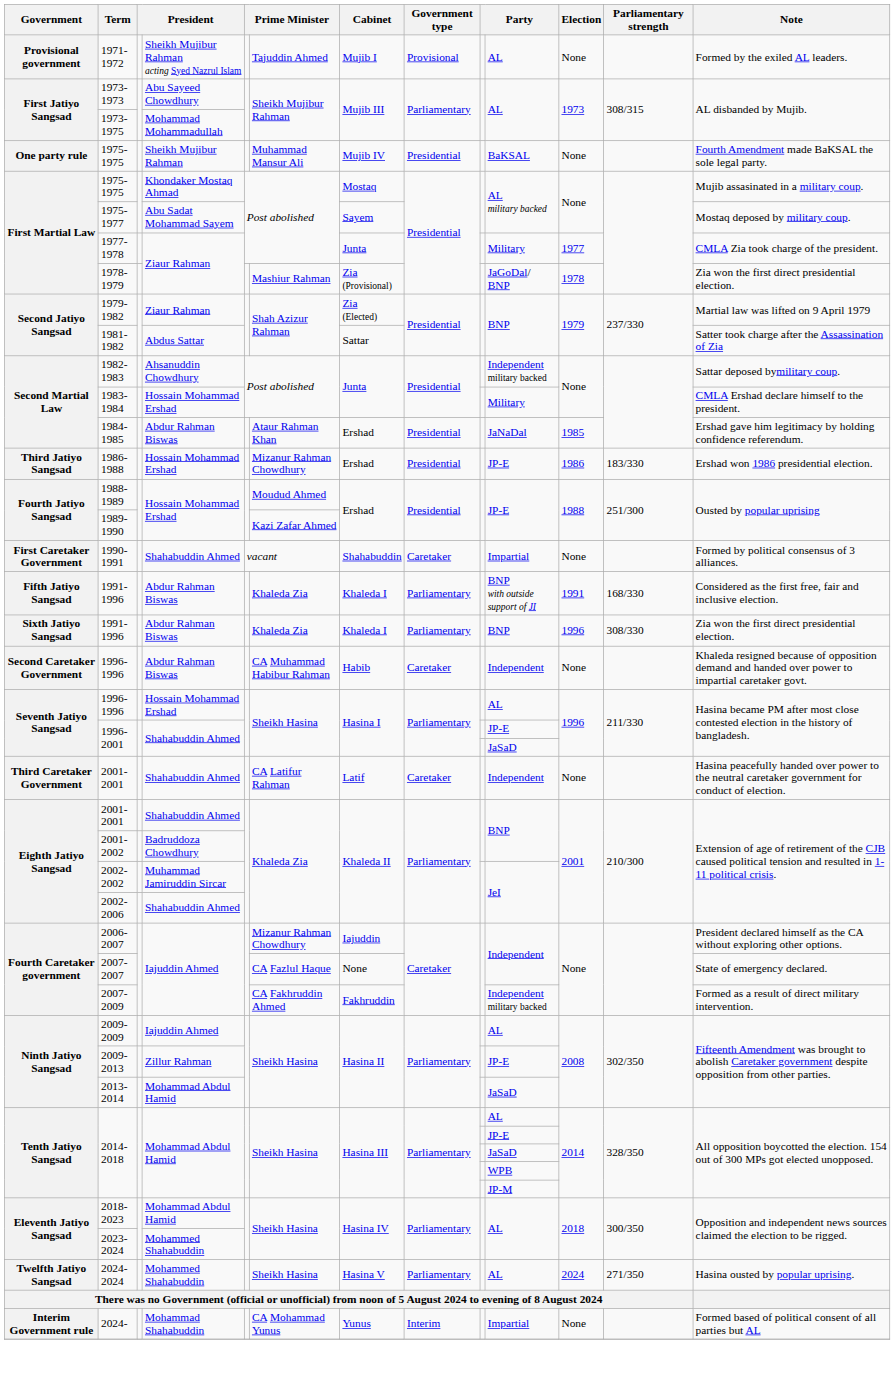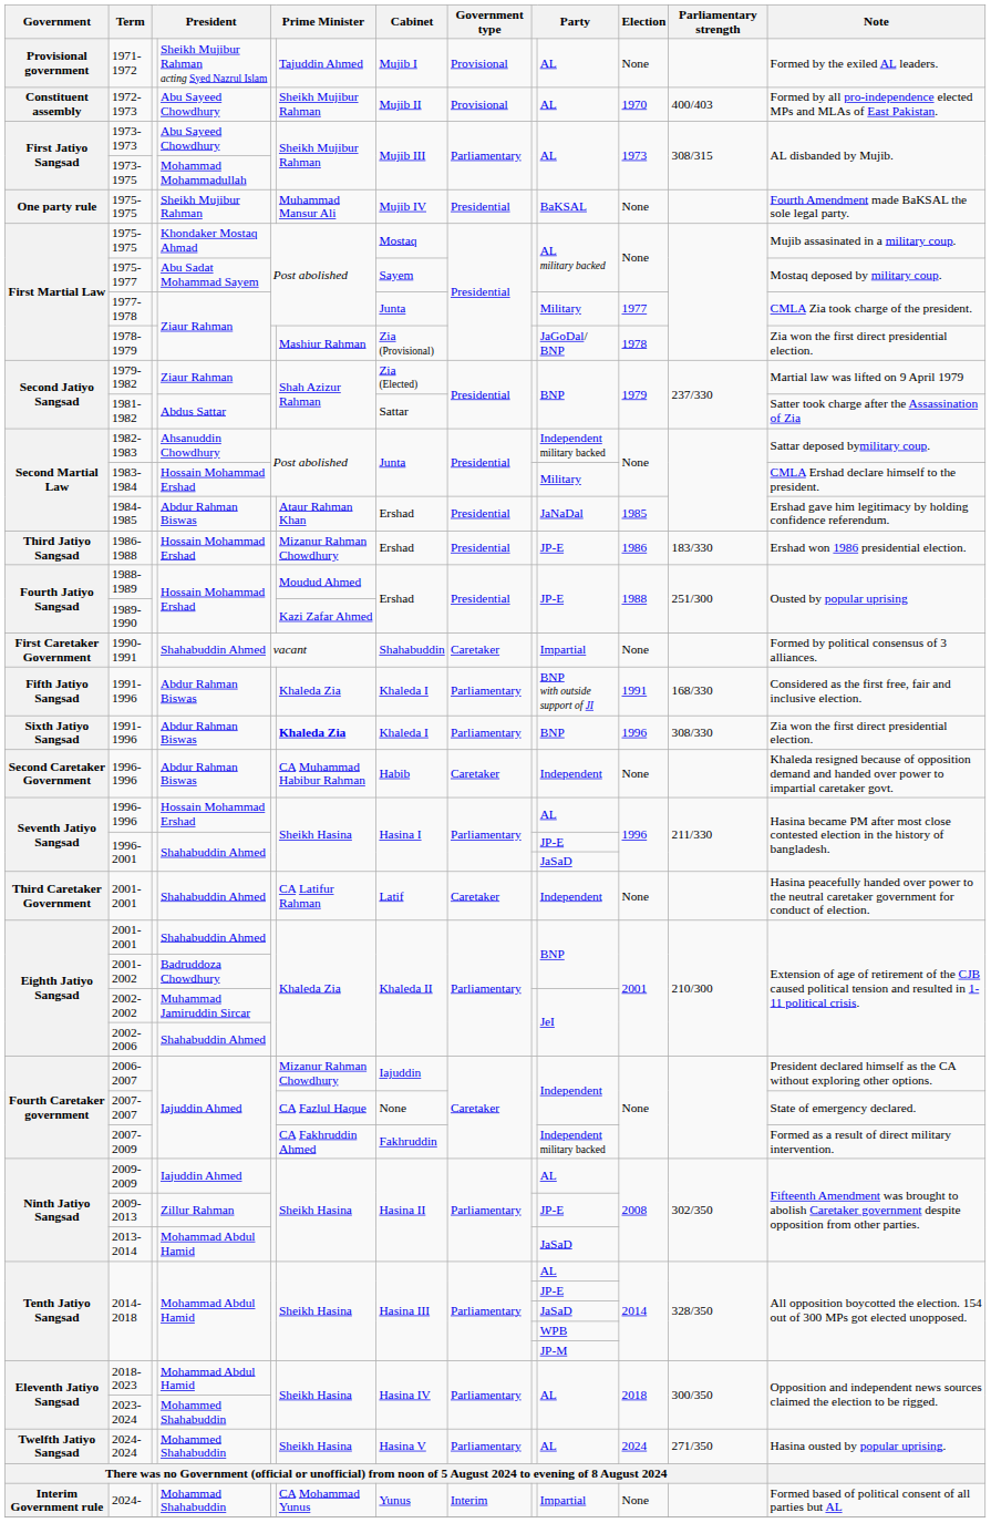 <table class="wikitable sortable">
 <tr>
 <th>Government</th>
 <th>Term</th>
 <th colspan=2>President</th>
 <th colspan=2>Prime Minister</th>
 <th>Cabinet</th>
 <th>Government type</th>
 <th colspan=2>Party</th>
 <th>Election</th>
 <th>Parliamentary strength</th>
 <th>Note</th>
 </tr>
 <tr>
 <th>Provisional government</th>
 <td>1971-1972</td>
 <td style="background-color: "></td>
 <td><a href='#'>Sheikh Mujibur Rahman</a><br><small><i>acting</i> <a href='#'>Syed Nazrul Islam</a></small></td>
 <td style="background-color: "></td>
 <td><a href='#'>Tajuddin Ahmed</a></td>
 <td><a href='#'>Mujib I</a></td>
 <td><a href='#'>Provisional</a></td>
 <td style="background-color: "></td>
 <td><a href='#'>AL</a></td>
 <td>None</td>
 <td></td>
 <td>Formed by the exiled <a href='#'>AL</a> leaders.</td>
+</tr>
+<tr>
+<th>Constituent assembly</th>
+<td>1972-1973</td>
+<td style="background-color: "></td>
+<td><a href='#'>Abu Sayeed Chowdhury</a></td>
+<td style="background-color: "></td>
+<td><a href='#'>Sheikh Mujibur Rahman</a></td>
+<td><a href='#'>Mujib II</a></td>
+<td><a href='#'>Provisional</a></td>
+<td style="background-color: "></td>
+<td><a href='#'>AL</a></td>
+<td><a href='#'>1970</a></td>
+<td>400/403</td>
+<td>Formed by all <a href='#'>pro-independence</a> elected MPs and MLAs of <a href='#'>East Pakistan</a>.</td>
 </tr>
 <tr>
 <th rowspan=2>First Jatiyo Sangsad</th>
 <td>1973-1973</td>
 <td rowspan=2 style="background-color: "></td>
 <td><a href='#'>Abu Sayeed Chowdhury</a></td>
 <td rowspan=2 style="background-color: "></td>
 <td rowspan=2><a href='#'>Sheikh Mujibur Rahman</a></td>
 <td rowspan=2><a href='#'>Mujib III</a></td>
 <td rowspan=2><a href='#'>Parliamentary</a></td>
 <td rowspan=2 style="background-color: "></td>
 <td rowspan=2><a href='#'>AL</a></td>
 <td rowspan=2><a href='#'>1973</a></td>
 <td rowspan=2>308/315</td>
 <td rowspan="2">AL disbanded by Mujib.</td>
 </tr>
 <tr>
 <td>1973-1975</td>
 <td><a href='#'>Mohammad Mohammadullah</a></td>
 </tr>
 <tr>
 <th>One party rule</th>
 <td>1975-1975</td>
 <td style="background-color: "></td>
 <td><a href='#'>Sheikh Mujibur Rahman</a></td>
 <td style="background-color: "></td>
 <td><a href='#'>Muhammad Mansur Ali</a></td>
 <td><a href='#'>Mujib IV</a></td>
 <td><a href='#'>Presidential</a></td>
 <td style="background-color: "></td>
 <td><a href='#'>BaKSAL</a></td>
 <td>None</td>
 <td></td>
 <td><a href='#'>Fourth Amendment</a> made BaKSAL the sole legal party.</td>
 </tr>
 <tr>
 <th rowspan="4">First Martial Law</th>
 <td>1975-1975</td>
 <td rowspan=2 style="background-color: "></td>
 <td><a href='#'>Khondaker Mostaq Ahmad</a></td>
 <td rowspan=3 colspan=2><i>Post abolished</i></td>
 <td><a href='#'>Mostaq</a></td>
 <td rowspan=4><a href='#'>Presidential</a></td>
 <td rowspan=2 style="background-color: "></td>
 <td rowspan=2><a href='#'>AL</a> <br><i><small>military backed</small></i></td>
 <td rowspan="2">None</td>
 <td rowspan="4"></td>
 <td>Mujib assasinated in a <a href='#'>military coup</a>.</td>
 </tr>
 <tr>
 <td>1975-1977</td>
 <td><a href='#'>Abu Sadat Mohammad Sayem</a></td>
 <td><a href='#'>Sayem</a></td>
 <td>Mostaq deposed by <a href='#'>military coup</a>.</td>
 </tr>
 <tr>
 <td>1977-1978</td>
 <td style="background-color: "></td>
 <td rowspan="2"><a href='#'>Ziaur Rahman</a></td>
 <td><a href='#'>Junta</a></td>
 <td style="background-color: "></td>
 <td><a href='#'>Military</a></td>
 <td><a href='#'>1977</a></td>
 <td><a href='#'>CMLA</a> Zia took charge of the president.</td>
 </tr>
 <tr>
 <td>1978-1979</td>
 <td style="background-color: "></td>
 <td style="background-color: "></td>
 <td><a href='#'>Mashiur Rahman</a></td>
 <td><a href='#'>Zia</a> <br><small>(Provisional)</small></td>
 <td style="background-color: "></td>
 <td><a href='#'>JaGoDal</a>/<br><a href='#'>BNP</a></td>
 <td><a href='#'>1978</a></td>
 <td>Zia won the first direct presidential election.</td>
 </tr>
 <tr>
 <th rowspan="2">Second Jatiyo Sangsad</th>
 <td>1979-1982</td>
 <td rowspan="2" style="background-color: "></td>
 <td><a href='#'>Ziaur Rahman</a></td>
 <td rowspan="2" style="background-color: "></td>
 <td rowspan="2"><a href='#'>Shah Azizur Rahman</a></td>
 <td><a href='#'>Zia</a><br><small>(Elected)</small></td>
 <td rowspan="2"><a href='#'>Presidential</a></td>
 <td rowspan="2" style="background-color: "></td>
 <td rowspan="2"><a href='#'>BNP</a></td>
 <td rowspan="2"><a href='#'>1979</a></td>
 <td rowspan="2">237/330</td>
 <td>Martial law was lifted on 9 April 1979</td>
 </tr>
 <tr>
 <td>1981-1982</td>
 <td><a href='#'>Abdus Sattar</a></td>
 <td>Sattar</td>
 <td>Satter took charge after the <a href='#'>Assassination of Zia</a></td>
 </tr>
 <tr>
 <th rowspan="3">Second Martial Law</th>
 <td>1982-1983</td>
 <td style="background-color: "></td>
 <td><a href='#'>Ahsanuddin Chowdhury</a></td>
 <td rowspan=2 colspan=2><i>Post abolished</i></td>
 <td rowspan=2><a href='#'>Junta</a></td>
 <td rowspan=2><a href='#'>Presidential</a></td>
 <td style="background-color: "></td>
 <td><a href='#'>Independent</a><br><small>military backed</small></td>
 <td rowspan=2>None</td>
 <td rowspan="3"></td>
 <td>Sattar deposed by<a href='#'>military coup</a>.</td>
 </tr>
 <tr>
 <td>1983-1984</td>
 <td style="background-color: "></td>
 <td><a href='#'>Hossain Mohammad Ershad</a></td>
 <td style="background-color: "></td>
 <td><a href='#'>Military</a></td>
 <td><a href='#'>CMLA</a> Ershad declare himself to the president.</td>
 </tr>
 <tr>
 <td>1984-1985</td>
 <td style="background-color: "></td>
 <td><a href='#'>Abdur Rahman Biswas</a></td>
 <td style="background-color: "></td>
 <td><a href='#'>Ataur Rahman Khan</a></td>
 <td>Ershad</td>
 <td><a href='#'>Presidential</a></td>
 <td style="background-color: "></td>
 <td><a href='#'>JaNaDal</a></td>
 <td><a href='#'>1985</a></td>
 <td>Ershad gave him legitimacy by holding confidence referendum.</td>
 </tr>
 <tr>
 <th>Third  Jatiyo Sangsad</th>
 <td>1986-1988</td>
 <td style="background-color: "></td>
 <td><a href='#'>Hossain Mohammad Ershad</a></td>
 <td style="background-color: "></td>
 <td><a href='#'>Mizanur Rahman Chowdhury</a></td>
 <td>Ershad</td>
 <td><a href='#'>Presidential</a></td>
 <td style="background-color: "></td>
 <td><a href='#'>JP-E</a></td>
 <td><a href='#'>1986</a></td>
 <td>183/330</td>
 <td>Ershad won <a href='#'>1986</a> presidential election.</td>
 </tr>
 <tr>
 <th rowspan="2">Fourth Jatiyo Sangsad</th>
 <td>1988-1989</td>
 <td rowspan="2" style="background-color: "></td>
 <td rowspan="2"><a href='#'>Hossain Mohammad Ershad</a></td>
 <td rowspan="2" style="background-color: "></td>
 <td><a href='#'>Moudud Ahmed</a></td>
 <td rowspan="2">Ershad</td>
 <td rowspan="2"><a href='#'>Presidential</a></td>
 <td rowspan="2" style="background-color: "></td>
 <td rowspan="2"><a href='#'>JP-E</a></td>
 <td rowspan="2"><a href='#'>1988</a></td>
 <td rowspan="2">251/300</td>
 <td rowspan="2">Ousted by <a href='#'>popular uprising</a></td>
 </tr>
 <tr>
 <td>1989-1990</td>
 <td><a href='#'>Kazi Zafar Ahmed</a></td>
 </tr>
 <tr>
 <th>First Caretaker Government</th>
 <td>1990-1991</td>
 <td style="background-color: "></td>
 <td><a href='#'>Shahabuddin Ahmed</a></td>
 <td colspan=2><i>vacant</i></td>
 <td><a href='#'>Shahabuddin</a></td>
 <td><a href='#'>Caretaker</a></td>
 <td style="background-color: "></td>
 <td><a href='#'>Impartial</a></td>
 <td>None</td>
 <td></td>
 <td>Formed by political consensus of 3 alliances.</td>
 </tr>
 <tr>
 <th>Fifth Jatiyo Sangsad</th>
 <td>1991-1996</td>
 <td style="background-color: "></td>
 <td><a href='#'>Abdur Rahman Biswas</a></td>
 <td style="background-color: "></td>
 <td><a href='#'>Khaleda Zia</a></td>
 <td><a href='#'>Khaleda I</a></td>
 <td><a href='#'>Parliamentary</a></td>
 <td style="background-color: "></td>
 <td><a href='#'>BNP</a><br><small><em>with outside support of <a href='#'>JI</a></em></small></td>
 <td><a href='#'>1991</a></td>
 <td>168/330</td>
 <td>Considered as the first free, fair and inclusive election.</td>
 </tr>
 <tr>
 <th>Sixth Jatiyo Sangsad</th>
 <td>1991-1996</td>
 <td style="background-color: "></td>
 <td><a href='#'>Abdur Rahman Biswas</a></td>
 <td style="background-color: "></td>
-<td><a href='#'>Khaleda Zia</a></td>
+<td><strong><a href='#'>Khaleda Zia</a></strong></td>
 <td><a href='#'>Khaleda I</a></td>
 <td><a href='#'>Parliamentary</a></td>
 <td style="background-color: "></td>
 <td><a href='#'>BNP</a></td>
 <td><a href='#'>1996</a></td>
 <td>308/330</td>
 <td>Zia won the first direct presidential election.</td>
 </tr>
 <tr>
 <th>Second Caretaker Government</th>
 <td>1996-1996</td>
 <td style="background-color: "></td>
 <td><a href='#'>Abdur Rahman Biswas</a></td>
 <td style="background-color: "></td>
 <td><a href='#'>CA</a> <a href='#'>Muhammad Habibur Rahman</a></td>
 <td><a href='#'>Habib</a></td>
 <td><a href='#'>Caretaker</a></td>
 <td style="background-color: "></td>
 <td><a href='#'>Independent</a></td>
 <td>None</td>
 <td></td>
 <td>Khaleda resigned because of opposition demand and handed over power to impartial caretaker govt.</td>
 </tr>
 <tr>
 <th rowspan=3>Seventh Jatiyo Sangsad</th>
 <td>1996-1996</td>
 <td style="background-color: "></td>
 <td><a href='#'>Hossain Mohammad Ershad</a></td>
 <td rowspan=3 style="background-color: "></td>
 <td rowspan=3><a href='#'>Sheikh Hasina</a></td>
 <td rowspan=3><a href='#'>Hasina I</a></td>
 <td rowspan=3><a href='#'>Parliamentary</a></td>
 <td style="background-color: "></td>
 <td><a href='#'>AL</a></td>
 <td rowspan=3><a href='#'>1996</a></td>
 <td rowspan=3>211/330</td>
 <td rowspan="3">Hasina became PM after most close contested election in the history of bangladesh.</td>
 </tr>
 <tr>
 <td rowspan=2>1996-2001</td>
 <td rowspan=2 style="background-color: "></td>
 <td rowspan=2><a href='#'>Shahabuddin Ahmed</a></td>
 <td style="background-color: "></td>
 <td><a href='#'>JP-E</a></td>
 </tr>
 <tr>
 <td style="background-color: "></td>
 <td><a href='#'>JaSaD</a></td>
 </tr>
 <tr>
 <th>Third Caretaker Government</th>
 <td>2001-2001</td>
 <td style="background-color: "></td>
 <td><a href='#'>Shahabuddin Ahmed</a></td>
 <td style="background-color: "></td>
 <td><a href='#'>CA</a> <a href='#'>Latifur Rahman</a></td>
 <td><a href='#'>Latif</a></td>
 <td><a href='#'>Caretaker</a></td>
 <td style="background-color: "></td>
 <td><a href='#'>Independent</a></td>
 <td>None</td>
 <td></td>
 <td>Hasina peacefully handed over power to the neutral caretaker government for conduct of election.</td>
 </tr>
 <tr>
 <th rowspan=4>Eighth Jatiyo Sangsad</th>
 <td>2001-2001</td>
 <td style="background-color: "></td>
 <td><a href='#'>Shahabuddin Ahmed</a></td>
 <td rowspan=4 style="background-color: "></td>
 <td rowspan=4><a href='#'>Khaleda Zia</a></td>
 <td rowspan=4><a href='#'>Khaleda II</a></td>
 <td rowspan=4><a href='#'>Parliamentary</a></td>
 <td rowspan=2 style="background-color: "></td>
 <td rowspan=2><a href='#'>BNP</a></td>
 <td rowspan=4><a href='#'>2001</a></td>
 <td rowspan=4>210/300</td>
 <td rowspan="4">Extension of age of retirement of the <a href='#'>CJB</a> caused political tension and resulted in  <a href='#'>1-11 political crisis</a>.</td>
 </tr>
 <tr>
 <td>2001-2002</td>
 <td style="background-color: "></td>
 <td><a href='#'>Badruddoza Chowdhury</a></td>
 </tr>
 <tr>
 <td>2002-2002</td>
 <td style="background-color: "></td>
 <td><a href='#'>Muhammad Jamiruddin Sircar</a></td>
 <td rowspan=2 style="background-color: "></td>
 <td rowspan=2><a href='#'>JeI</a></td>
 </tr>
 <tr>
 <td>2002-2006</td>
 <td style="background-color: "></td>
 <td><a href='#'>Shahabuddin Ahmed</a></td>
 </tr>
 <tr>
 <th rowspan=3>Fourth Caretaker government</th>
 <td>2006-2007</td>
 <td rowspan=3 style="background-color: "></td>
 <td rowspan=3><a href='#'>Iajuddin Ahmed</a></td>
 <td rowspan=3 style="background-color: "></td>
 <td><a href='#'>Mizanur Rahman Chowdhury</a></td>
 <td><a href='#'>Iajuddin</a></td>
 <td rowspan=3><a href='#'>Caretaker</a></td>
 <td rowspan=3 style="background-color: "></td>
 <td rowspan=2><a href='#'>Independent</a></td>
 <td rowspan=3>None</td>
 <td rowspan=3></td>
 <td>President declared himself as the CA without exploring other options.</td>
 </tr>
 <tr>
 <td>2007-2007</td>
 <td><a href='#'>CA</a> <a href='#'>Fazlul Haque</a></td>
 <td>None</td>
 <td>State of emergency declared.</td>
 </tr>
 <tr>
 <td>2007-2009</td>
 <td><a href='#'>CA</a> <a href='#'>Fakhruddin Ahmed</a></td>
 <td><a href='#'>Fakhruddin</a></td>
 <td><a href='#'>Independent</a><br><small>military backed</small></td>
 <td>Formed as a result of direct military intervention.</td>
 </tr>
 <tr>
 <th rowspan=3>Ninth Jatiyo Sangsad</th>
 <td>2009-2009</td>
 <td style="background-color: "></td>
 <td><a href='#'>Iajuddin Ahmed</a></td>
 <td rowspan=3 style="background-color: "></td>
 <td rowspan=3><a href='#'>Sheikh Hasina</a></td>
 <td rowspan=3><a href='#'>Hasina II</a></td>
 <td rowspan=3><a href='#'>Parliamentary</a></td>
 <td style="background-color: "></td>
 <td><a href='#'>AL</a></td>
 <td rowspan=3><a href='#'>2008</a></td>
 <td rowspan=3>302/350</td>
 <td rowspan="3"><a href='#'>Fifteenth Amendment</a> was brought to abolish <a href='#'>Caretaker government</a> despite opposition from other parties.</td>
 </tr>
 <tr>
 <td>2009-2013</td>
 <td style="background-color: "></td>
 <td><a href='#'>Zillur Rahman</a></td>
 <td style="background-color: "></td>
 <td><a href='#'>JP-E</a></td>
 </tr>
 <tr>
 <td>2013-2014</td>
 <td style="background-color: "></td>
 <td><a href='#'>Mohammad Abdul Hamid</a></td>
 <td style="background-color: "></td>
 <td><a href='#'>JaSaD</a></td>
 </tr>
 <tr>
 <th rowspan=5>Tenth Jatiyo Sangsad</th>
 <td rowspan=5>2014-2018</td>
 <td rowspan=5 style="background-color: "></td>
 <td rowspan=5><a href='#'>Mohammad Abdul Hamid</a></td>
 <td rowspan=5 style="background-color: "></td>
 <td rowspan=5><a href='#'>Sheikh Hasina</a></td>
 <td rowspan=5><a href='#'>Hasina III</a></td>
 <td rowspan=5><a href='#'>Parliamentary</a></td>
 <td style="background-color: "></td>
 <td><a href='#'>AL</a></td>
 <td rowspan=5><a href='#'>2014</a></td>
 <td rowspan=5>328/350</td>
 <td rowspan="5">All opposition boycotted the election. 154 out of 300 MPs got elected unopposed.</td>
 </tr>
 <tr>
 <td style="background-color: "></td>
 <td><a href='#'>JP-E</a></td>
 </tr>
 <tr>
 <td style="background-color: "></td>
 <td><a href='#'>JaSaD</a></td>
 </tr>
 <tr>
 <td style="background-color: "></td>
 <td><a href='#'>WPB</a></td>
 </tr>
 <tr>
 <td style="background-color: "></td>
 <td><a href='#'>JP-M</a></td>
 </tr>
 <tr>
 <th rowspan=2>Eleventh Jatiyo Sangsad</th>
 <td>2018-2023</td>
 <td rowspan=2 style="background-color: "></td>
 <td><a href='#'>Mohammad Abdul Hamid</a></td>
 <td rowspan=2 style="background-color: "></td>
 <td rowspan=2><a href='#'>Sheikh Hasina</a></td>
 <td rowspan=2><a href='#'>Hasina IV</a></td>
 <td rowspan=2><a href='#'>Parliamentary</a></td>
 <td rowspan=2 style="background-color: "></td>
 <td rowspan=2><a href='#'>AL</a></td>
 <td rowspan=2><a href='#'>2018</a></td>
 <td rowspan=2>300/350</td>
 <td rowspan="2">Opposition and independent news sources claimed the election to be rigged.</td>
 </tr>
 <tr>
 <td>2023-2024</td>
 <td><a href='#'>Mohammed Shahabuddin</a></td>
 </tr>
 <tr>
 <th>Twelfth Jatiyo Sangsad</th>
 <td>2024-2024</td>
 <td style="background-color: "></td>
 <td><a href='#'>Mohammed Shahabuddin</a></td>
 <td style="background-color: "></td>
 <td><a href='#'>Sheikh Hasina</a></td>
 <td><a href='#'>Hasina V</a></td>
 <td><a href='#'>Parliamentary</a></td>
 <td style="background-color: "></td>
 <td><a href='#'>AL</a></td>
 <td><a href='#'>2024</a></td>
 <td>271/350</td>
 <td>Hasina ousted by <a href='#'>popular uprising</a>.</td>
 </tr>
 <tr>
 <th colspan="12">There was no Government (official or unofficial) from noon of 5 August 2024 to evening of 8 August 2024</th>
 <th></th>
 </tr>
 <tr>
 <th>Interim Government rule</th>
 <td>2024-</td>
 <td style="background-color: "></td>
 <td><a href='#'>Mohammad Shahabuddin</a></td>
 <td style="background-color: "></td>
 <td><a href='#'>CA</a> <a href='#'>Mohammad Yunus</a></td>
 <td><a href='#'>Yunus</a></td>
 <td><a href='#'>Interim</a></td>
 <td style="background-color: "></td>
 <td><a href='#'>Impartial</a></td>
 <td>None</td>
 <td></td>
 <td>Formed based of political consent of all parties but <a href='#'>AL</a></td>
 </tr>
 <tr>
 </tr>
 </table>
